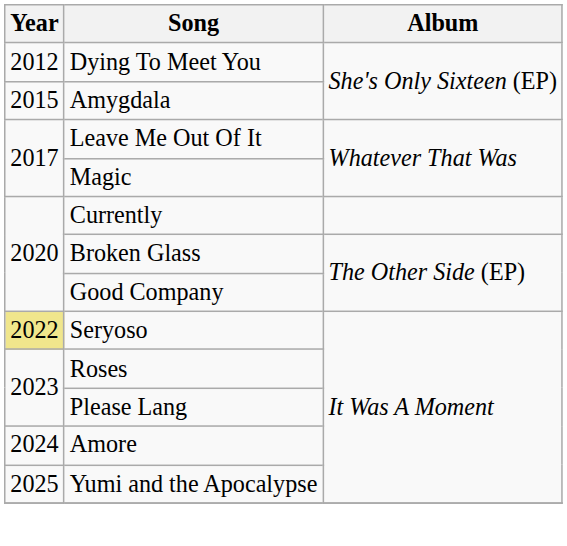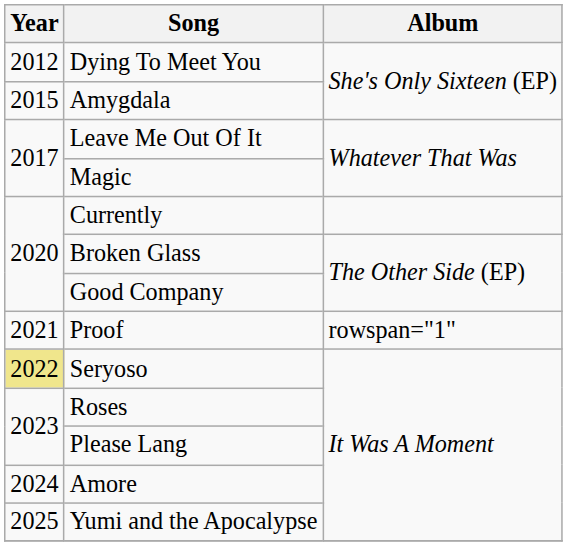 <table class="wikitable">
 <tr>
 <th>Year</th>
 <th>Song</th>
 <th>Album</th>
 </tr>
 <tr>
 <td>2012</td>
 <td>Dying To Meet You</td>
 <td rowspan=2><em>She's Only Sixteen</em> (EP)</td>
 </tr>
 <tr>
 <td>2015</td>
 <td>Amygdala</td>
 </tr>
 <tr>
 <td rowspan="2">2017</td>
 <td>Leave Me Out Of It</td>
 <td rowspan="2"><em>Whatever That Was</em></td>
 </tr>
 <tr>
 <td>Magic</td>
 </tr>
 <tr>
 <td rowspan="3">2020</td>
 <td>Currently</td>
 <td></td>
 </tr>
 <tr>
 <td>Broken Glass</td>
 <td rowspan="2"><em>The Other Side</em> (EP)</td>
 </tr>
 <tr>
 <td>Good Company</td>
 </tr>
 <tr>
+<td rowspan="1">2021</td>
+<td>Proof</td>
+<td>rowspan="1" </td>
+</tr>
+<tr>
 <td style="background: khaki;">2022</td>
 <td>Seryoso</td>
 <td rowspan="5"><em>It Was A Moment</em></td>
 </tr>
 <tr>
 <td rowspan="2">2023</td>
 <td>Roses</td>
 </tr>
 <tr>
 <td>Please Lang</td>
 </tr>
 <tr>
 <td>2024</td>
 <td>Amore</td>
 </tr>
 <tr>
 <td>2025</td>
 <td>Yumi and the Apocalypse</td>
 </tr>
 <tr>
 </tr>
 </table>
